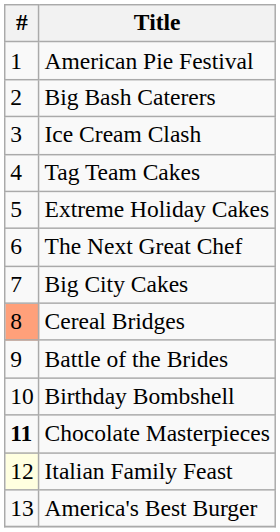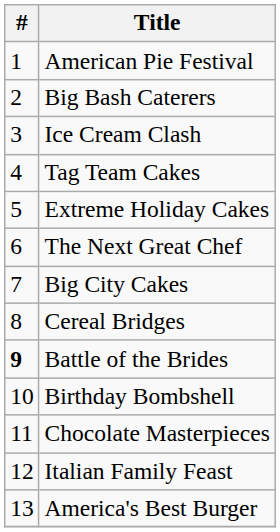 <table class="wikitable">
 <tr>
 <th>#</th>
 <th>Title</th>
 </tr>
 <tr>
 <td>1</td>
 <td>American Pie Festival</td>
 </tr>
 <tr>
 <td>2</td>
 <td>Big Bash Caterers</td>
 </tr>
 <tr>
 <td>3</td>
 <td>Ice Cream Clash</td>
 </tr>
 <tr>
 <td>4</td>
 <td>Tag Team Cakes</td>
 </tr>
 <tr>
 <td>5</td>
 <td>Extreme Holiday Cakes</td>
 </tr>
 <tr>
 <td>6</td>
 <td>The Next Great Chef</td>
 </tr>
 <tr>
 <td>7</td>
 <td>Big City Cakes</td>
 </tr>
 <tr>
-<td style="background: lightsalmon;">8</td>
+<td>8</td>
 <td>Cereal Bridges</td>
 </tr>
 <tr>
-<td>9</td>
+<td><strong>9</strong></td>
 <td>Battle of the Brides</td>
 </tr>
 <tr>
 <td>10</td>
 <td>Birthday Bombshell</td>
 </tr>
 <tr>
-<td><strong>11</strong></td>
+<td>11</td>
 <td>Chocolate Masterpieces</td>
 </tr>
 <tr>
-<td style="background: lightyellow;">12</td>
+<td>12</td>
 <td>Italian Family Feast</td>
 </tr>
 <tr>
 <td>13</td>
 <td>America's Best Burger</td>
 </tr>
 <tr>
 </tr>
 </table>
